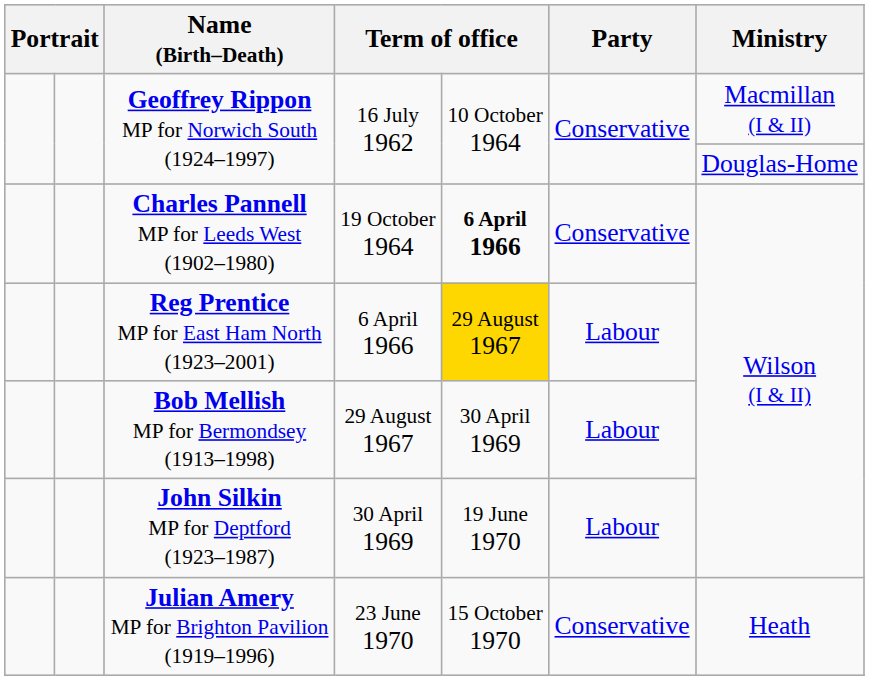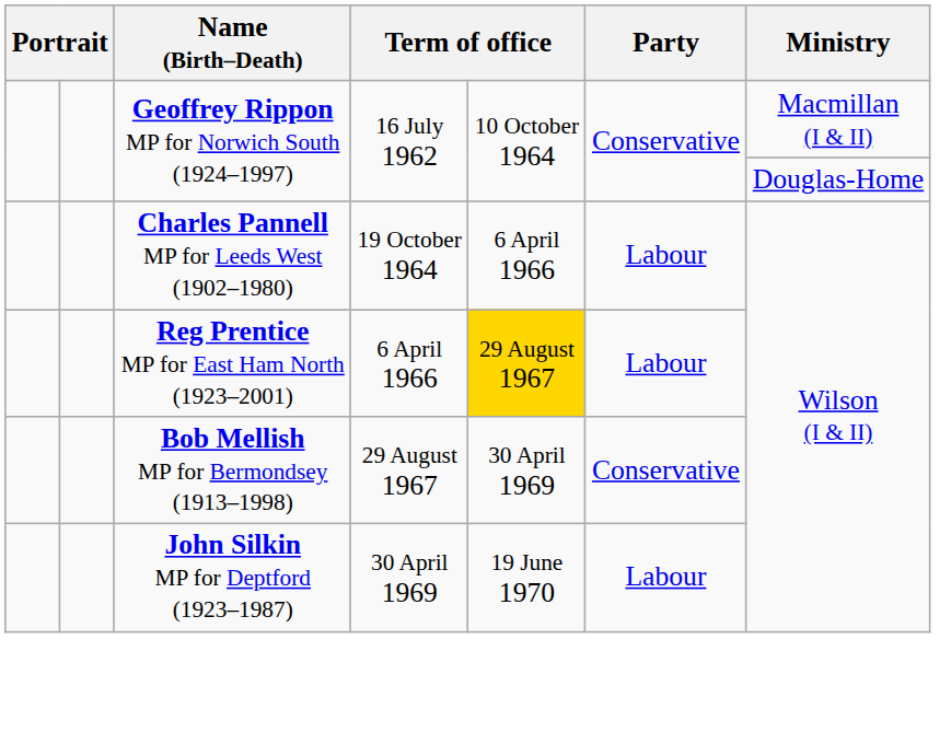 <table class="wikitable" style="text-align:center">
 <tr>
 <th colspan=2>Portrait</th>
 <th>Name<br><small>(Birth–Death)</small></th>
 <th colspan=2>Term of office</th>
 <th>Party</th>
 <th>Ministry</th>
 </tr>
 <tr>
 <td rowspan=2 style="background-color:"></td>
 <td rowspan=2></td>
 <td rowspan=2><strong><a href='#'>Geoffrey Rippon</a></strong><br><small>MP for <a href='#'>Norwich South</a><br>(1924–1997)</small></td>
 <td rowspan=2><small>16 July</small><br>1962</td>
 <td rowspan=2><small>10 October</small><br>1964</td>
 <td rowspan=2 ><a href='#'>Conservative</a></td>
 <td><a href='#'>Macmillan<br><small>(I & II)</small></a></td>
 </tr>
 <tr>
 <td><a href='#'>Douglas-Home</a></td>
 </tr>
 <tr>
 <td style="background-color: "></td>
 <td></td>
 <td><strong><a href='#'>Charles Pannell</a></strong><br><small>MP for <a href='#'>Leeds West</a><br>(1902–1980)</small></td>
 <td><small>19 October</small><br>1964</td>
-<td><strong><small>6 April</small><br>1966</strong></td>
-<td><a href='#'>Conservative</a></td>
+<td><small>6 April</small><br>1966</td>
+<td><a href='#'>Labour</a></td>
 <td rowspan=4 ><a href='#'>Wilson<br><small>(I & II)</small></a></td>
 </tr>
 <tr>
 <td style="background-color: "></td>
 <td></td>
 <td><strong><a href='#'>Reg Prentice</a></strong><br><small>MP for <a href='#'>East Ham North</a><br>(1923–2001)</small></td>
 <td><small>6 April</small><br>1966</td>
 <td style="background: gold;"><small>29 August</small><br>1967</td>
 <td><a href='#'>Labour</a></td>
 </tr>
 <tr>
 <td style="background-color: "></td>
 <td></td>
 <td><a href='#'><strong>Bob Mellish</strong></a><br><small>MP for <a href='#'>Bermondsey</a><br>(1913–1998)</small></td>
 <td><small>29 August</small><br>1967</td>
 <td><small>30 April</small><br>1969</td>
-<td><a href='#'>Labour</a></td>
+<td><a href='#'>Conservative</a></td>
 </tr>
 <tr>
 <td style="background-color: "></td>
 <td></td>
 <td><strong><a href='#'>John Silkin</a></strong><br><small>MP for <a href='#'>Deptford</a><br>(1923–1987)</small></td>
 <td><small>30 April</small><br>1969</td>
 <td><small>19 June</small><br>1970</td>
 <td><a href='#'>Labour</a></td>
 </tr>
-<tr>
-<td style="background-color:"></td>
-<td></td>
-<td><a href='#'><strong>Julian Amery</strong></a><br><small>MP for <a href='#'>Brighton Pavilion</a><br>(1919–1996)</small></td>
-<td><small>23 June</small><br>1970</td>
-<td><small>15 October</small><br>1970</td>
-<td><a href='#'>Conservative</a></td>
-<td><a href='#'>Heath</a></td>
-</tr>
 </table>
